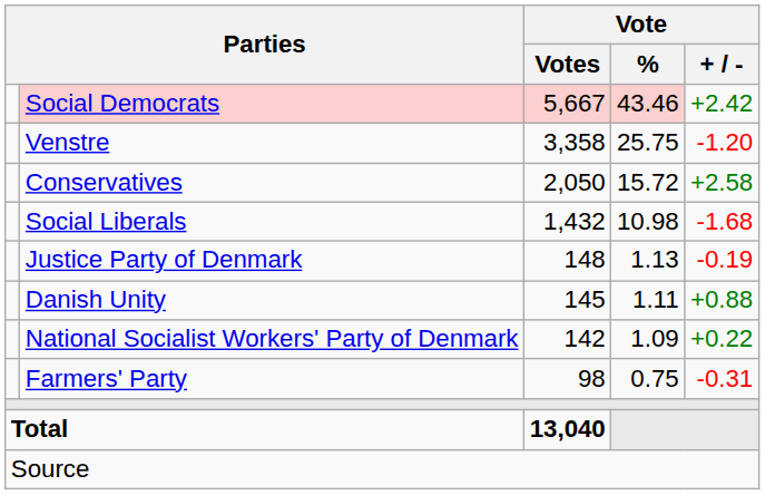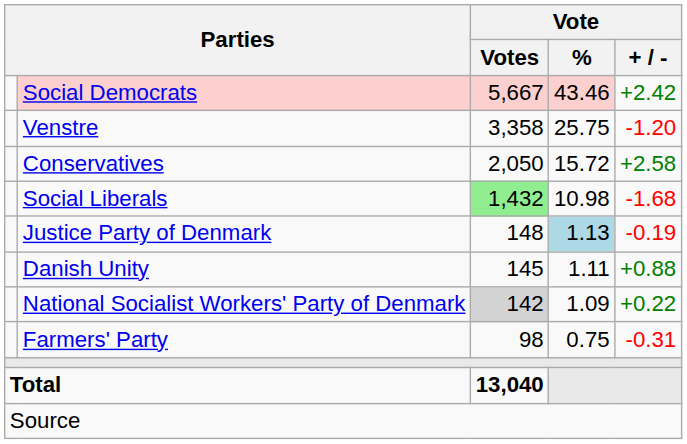 <table class="wikitable" style="text-align:right;">
 <tr>
 <th style="text-align:centre;" rowspan="2" colspan="2" width="225">Parties</th>
 <th colspan="3">Vote</th>
 </tr>
 <tr>
 <th width="15">Votes</th>
 <th width="15">%</th>
 <th width="15">+ / -</th>
 </tr>
 <tr>
 <td width="2" style="color:inherit;background:"></td>
 <td bgcolor=#fbd0ce  align="left"><a href='#'>Social Democrats</a></td>
 <td bgcolor=#fbd0ce>5,667</td>
 <td bgcolor=#fbd0ce>43.46</td>
 <td style=color:green;>+2.42</td>
 </tr>
 <tr>
 <td width="2" style="color:inherit;background:"></td>
 <td align="left"><a href='#'>Venstre</a></td>
 <td>3,358</td>
 <td>25.75</td>
 <td style=color:red;>-1.20</td>
 </tr>
 <tr>
 <td width="2" style="color:inherit;background:"></td>
 <td align="left"><a href='#'>Conservatives</a></td>
 <td>2,050</td>
 <td>15.72</td>
 <td style=color:green;>+2.58</td>
 </tr>
 <tr>
 <td width="2" style="color:inherit;background:"></td>
 <td align="left"><a href='#'>Social Liberals</a></td>
-<td>1,432</td>
+<td style="background: lightgreen;">1,432</td>
 <td>10.98</td>
 <td style=color:red;>-1.68</td>
 </tr>
 <tr>
 <td width="2" style="color:inherit;background:"></td>
 <td align="left"><a href='#'>Justice Party of Denmark</a></td>
 <td>148</td>
-<td>1.13</td>
+<td style="background: lightblue;">1.13</td>
 <td style=color:red;>-0.19</td>
 </tr>
 <tr>
 <td width="2" style="color:inherit;background:"></td>
 <td align="left"><a href='#'>Danish Unity</a></td>
 <td>145</td>
 <td>1.11</td>
 <td style=color:green;>+0.88</td>
 </tr>
 <tr>
 <td width="2" style="color:inherit;background:"></td>
 <td align="left"><a href='#'>National Socialist Workers' Party of Denmark</a></td>
-<td>142</td>
+<td style="background: lightgrey;">142</td>
 <td>1.09</td>
 <td style=color:green;>+0.22</td>
 </tr>
 <tr>
 <td width="2" style="color:inherit;background:"></td>
 <td align="left"><a href='#'>Farmers' Party</a></td>
 <td>98</td>
 <td>0.75</td>
 <td style=color:red;>-0.31</td>
 </tr>
 <tr>
 <td colspan="7" bgcolor="#E9E9E9"></td>
 </tr>
 <tr>
 <td align="left" colspan="2"><strong>Total</strong></td>
 <td><strong>13,040</strong></td>
 <td bgcolor="#E9E9E9" colspan="2"></td>
 </tr>
 <tr>
 <td align="left" colspan="6">Source</td>
 </tr>
 </table>
